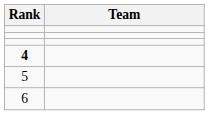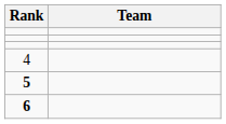 <table class="wikitable" style="text-align: center;">
 <tr>
 <th width=40>Rank</th>
 <th width=180>Team</th>
 </tr>
 <tr>
 <td></td>
 <td style="text-align:left;"></td>
 </tr>
 <tr>
 <td></td>
 <td style="text-align:left;"></td>
 </tr>
 <tr>
 <td></td>
 <td style="text-align:left;"></td>
 </tr>
 <tr>
-<td><strong>4</strong></td>
+<td>4</td>
 <td style="text-align:left;"></td>
 </tr>
 <tr>
-<td>5</td>
+<td><strong>5</strong></td>
 <td style="text-align:left;"></td>
 </tr>
 <tr>
-<td>6</td>
+<td><strong>6</strong></td>
 <td style="text-align:left;"></td>
 </tr>
 </table>
